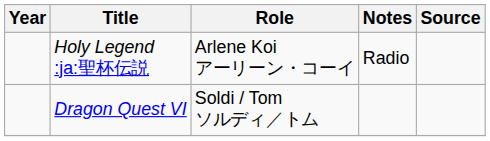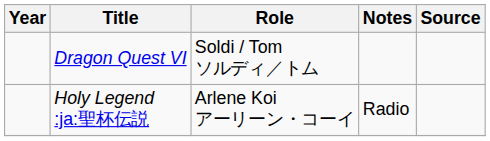 <table class="wikitable sortable plainrowheaders">
 <tr>
 <th>Year</th>
 <th>Title</th>
 <th>Role</th>
 <th class="unsortable">Notes</th>
 <th class="unsortable">Source</th>
 </tr>
 <tr>
 <td></td>
+<td><em><a href='#'>Dragon Quest VI</a></em></td>
+<td>Soldi / Tom<br>ソルディ／トム</td>
+<td></td>
+<td></td>
+</tr>
+<tr>
+<td></td>
 <td><em>Holy Legend</em><br><a href='#'>:ja:聖杯伝説</a></td>
 <td>Arlene Koi<br>アーリーン・コーイ</td>
 <td>Radio</td>
 <td></td>
 </tr>
 <tr>
-<td></td>
-<td><em><a href='#'>Dragon Quest VI</a></em></td>
-<td>Soldi / Tom<br>ソルディ／トム</td>
-<td></td>
-<td></td>
-</tr>
-<tr>
 </tr>
 </table>
